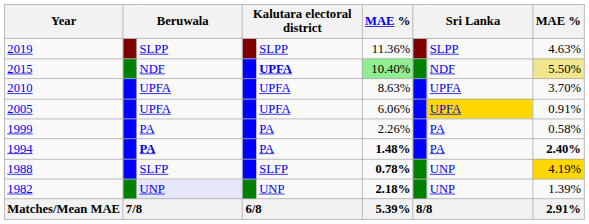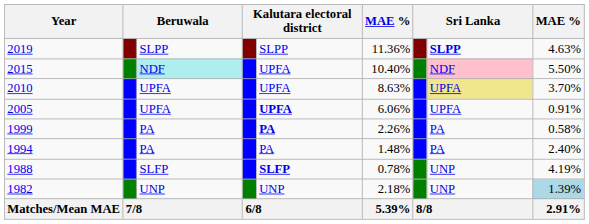 <table class="wikitable">
 <tr>
 <th>Year</th>
 <th colspan="2" width="144px">Beruwala</th>
 <th colspan="2" width="144px">Kalutara electoral district</th>
 <th><a href='#'>MAE</a> %</th>
 <th colspan="2" width="144px">Sri Lanka</th>
 <th>MAE %</th>
 </tr>
 <tr>
 <td><a href='#'>2019</a></td>
 <td style="background-color:maroon;" width="10px"></td>
 <td style="text-align:left;"><a href='#'>SLPP</a></td>
 <td style="background-color:maroon;" width="10px"></td>
 <td style="text-align:left;"><a href='#'>SLPP</a></td>
 <td style="text-align:right;">11.36%</td>
 <td style="background-color:maroon;" width="10px"></td>
-<td style="text-align:left;"><a href='#'>SLPP</a></td>
+<td style="text-align:left;"><strong><a href='#'>SLPP</a></strong></td>
 <td style="text-align:right;">4.63%</td>
 </tr>
 <tr>
 <td><a href='#'>2015</a></td>
 <td style="background-color:green;" width="10px"></td>
-<td style="text-align:left;"><a href='#'>NDF</a></td>
+<td style="background: paleturquoise; text-align:left;"><a href='#'>NDF</a></td>
 <td style="background-color:blue;" width="10px"></td>
-<td style="text-align:left;"><strong><a href='#'>UPFA</a></strong></td>
-<td style="background: lightgreen; text-align:right;">10.40%</td>
+<td style="text-align:left;"><a href='#'>UPFA</a></td>
+<td style="text-align:right;">10.40%</td>
 <td style="background-color:green;" width="10px"></td>
-<td style="text-align:left;"><a href='#'>NDF</a></td>
-<td style="background: khaki; text-align:right;">5.50%</td>
+<td style="background: pink; text-align:left;"><a href='#'>NDF</a></td>
+<td style="text-align:right;">5.50%</td>
 </tr>
 <tr>
 <td><a href='#'>2010</a></td>
 <td style="background-color:blue;" width="10px"></td>
 <td style="text-align:left;"><a href='#'>UPFA</a></td>
 <td style="background-color:blue;" width="10px"></td>
 <td style="text-align:left;"><a href='#'>UPFA</a></td>
 <td style="text-align:right;">8.63%</td>
 <td style="background-color:blue;" width="10px"></td>
-<td style="text-align:left;"><a href='#'>UPFA</a></td>
+<td style="background: khaki; text-align:left;"><a href='#'>UPFA</a></td>
 <td style="text-align:right;">3.70%</td>
 </tr>
 <tr>
 <td><a href='#'>2005</a></td>
 <td style="background-color:blue;" width="10px"></td>
 <td style="text-align:left;"><a href='#'>UPFA</a></td>
 <td style="background-color:blue;" width="10px"></td>
-<td style="text-align:left;"><a href='#'>UPFA</a></td>
+<td style="text-align:left;"><strong><a href='#'>UPFA</a></strong></td>
 <td style="text-align:right;">6.06%</td>
 <td style="background-color:blue;" width="10px"></td>
-<td style="background: gold; text-align:left;"><a href='#'>UPFA</a></td>
+<td style="text-align:left;"><a href='#'>UPFA</a></td>
 <td style="text-align:right;">0.91%</td>
 </tr>
 <tr>
 <td><a href='#'>1999</a></td>
 <td style="background-color:blue;" width="10px"></td>
 <td style="text-align:left;"><a href='#'>PA</a></td>
 <td style="background-color:blue;" width="10px"></td>
-<td style="text-align:left;"><a href='#'>PA</a></td>
+<td style="text-align:left;"><strong><a href='#'>PA</a></strong></td>
 <td style="text-align:right;">2.26%</td>
 <td style="background-color:blue;" width="10px"></td>
 <td style="text-align:left;"><a href='#'>PA</a></td>
 <td style="text-align:right;">0.58%</td>
 </tr>
 <tr>
 <td><a href='#'>1994</a></td>
 <td style="background-color:blue;" width="10px"></td>
-<td style="text-align:left;"><strong><a href='#'>PA</a></strong></td>
+<td style="text-align:left;"><a href='#'>PA</a></td>
 <td style="background-color:blue;" width="10px"></td>
 <td style="text-align:left;"><a href='#'>PA</a></td>
-<td style="text-align:right;"><strong>1.48%</strong></td>
+<td style="text-align:right;">1.48%</td>
 <td style="background-color:blue;" width="10px"></td>
 <td style="text-align:left;"><a href='#'>PA</a></td>
-<td style="text-align:right;"><strong>2.40%</strong></td>
+<td style="text-align:right;">2.40%</td>
 </tr>
 <tr>
 <td><a href='#'>1988</a></td>
 <td style="background-color:blue;" width="10px"></td>
 <td style="text-align:left;"><a href='#'>SLFP</a></td>
 <td style="background-color:blue;" width="10px"></td>
-<td style="text-align:left;"><a href='#'>SLFP</a></td>
-<td style="text-align:right;"><strong>0.78%</strong></td>
+<td style="text-align:left;"><strong><a href='#'>SLFP</a></strong></td>
+<td style="text-align:right;">0.78%</td>
 <td style="background-color:green;" width="10px"></td>
 <td style="text-align:left;"><a href='#'>UNP</a></td>
-<td style="background: gold; text-align:right;">4.19%</td>
+<td style="text-align:right;">4.19%</td>
 </tr>
 <tr>
 <td><a href='#'>1982</a></td>
 <td style="background-color:green;" width="10px"></td>
-<td style="background: lavender; text-align:left;"><a href='#'>UNP</a></td>
+<td style="text-align:left;"><a href='#'>UNP</a></td>
 <td style="background-color:green;" width="10px"></td>
 <td style="text-align:left;"><a href='#'>UNP</a></td>
-<td style="text-align:right;"><strong>2.18%</strong></td>
+<td style="text-align:right;">2.18%</td>
 <td style="background-color:green;" width="10px"></td>
 <td style="text-align:left;"><a href='#'>UNP</a></td>
-<td style="text-align:right;">1.39%</td>
+<td style="background: lightblue; text-align:right;">1.39%</td>
 </tr>
 <tr>
 <th>Matches/Mean MAE</th>
 <th style="text-align:left;"colspan="2" width="144px">7/8</th>
 <th style="text-align:left;"colspan="2" width="144px">6/8</th>
 <th style="text-align:right;">5.39%</th>
 <th style="text-align:left;"colspan="2" width="144px">8/8</th>
 <th style="text-align:right;">2.91%</th>
 </tr>
 </table>
